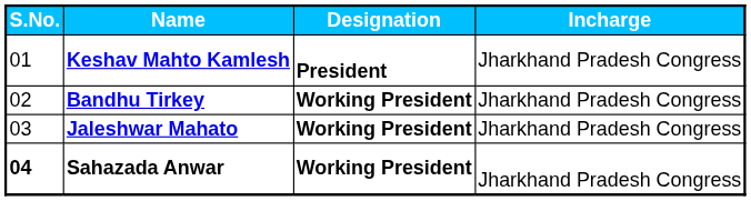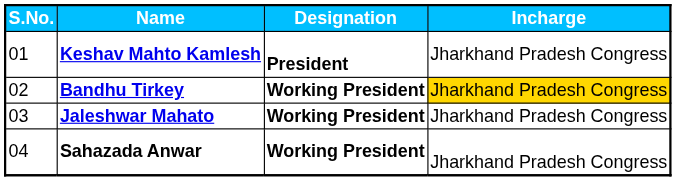 <table class="sortable" style="border-collapse: collapse; border: 2px #000000 solid; font-size: x-big; width="70%" cellspacing="0" cellpadding="2" border="1">
 <tr style="background-color:#00BFFF; color:white">
 <th>S.No.</th>
 <th>Name</th>
 <th>Designation</th>
 <th>Incharge</th>
 </tr>
 <tr>
 <td>01</td>
 <td><strong><a href='#'>Keshav Mahto Kamlesh</a></strong></td>
 <td><br><strong>President</strong></td>
 <td>Jharkhand Pradesh Congress</td>
 </tr>
 <tr>
 <td>02</td>
 <td><strong><a href='#'>Bandhu Tirkey</a> </strong></td>
 <td><strong>Working President</strong><br></td>
-<td>Jharkhand Pradesh Congress</td>
+<td style="background: gold;">Jharkhand Pradesh Congress</td>
 </tr>
 <tr>
 <td>03</td>
 <td><strong><a href='#'>Jaleshwar Mahato</a></strong></td>
 <td><strong>Working President</strong><br></td>
 <td>Jharkhand Pradesh Congress</td>
 </tr>
 <tr>
-<td><strong>04</strong></td>
+<td>04</td>
 <td><strong>Sahazada Anwar</strong></td>
 <td><strong>Working President</strong><br></td>
 <td><br>Jharkhand Pradesh Congress</td>
 </tr>
 <tr>
 </tr>
 </table>
